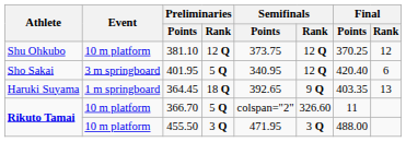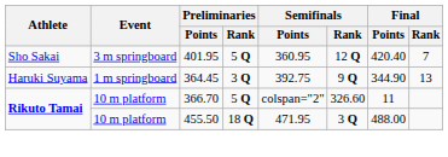 <table class=wikitable style="font-size:90%;">
 <tr>
 <th rowspan="2">Athlete</th>
 <th rowspan="2">Event</th>
 <th colspan="2">Preliminaries</th>
 <th colspan="2">Semifinals</th>
 <th colspan="2">Final</th>
 </tr>
 <tr style="font-size:95%">
 <th>Points</th>
 <th>Rank</th>
 <th>Points</th>
 <th>Rank</th>
 <th>Points</th>
 <th>Rank</th>
 </tr>
 <tr align=center>
-<td align=left><a href='#'>Shu Ohkubo</a></td>
-<td align=left><a href='#'>10 m platform</a></td>
-<td>381.10</td>
-<td>12 <strong>Q</strong></td>
-<td>373.75</td>
-<td>12 <strong>Q</strong></td>
-<td>370.25</td>
-<td>12</td>
-</tr>
-<tr align=center>
 <td align=left><a href='#'>Sho Sakai</a></td>
 <td align=left><a href='#'>3 m springboard</a></td>
 <td>401.95</td>
 <td>5 <strong>Q</strong></td>
-<td>340.95</td>
+<td>360.95</td>
 <td>12 <strong>Q</strong></td>
 <td>420.40</td>
-<td>6</td>
+<td>7</td>
 </tr>
 <tr align=center>
 <td align=left><a href='#'>Haruki Suyama</a></td>
 <td align=left><a href='#'>1 m springboard</a></td>
 <td>364.45</td>
-<td>18 <strong>Q</strong></td>
-<td>392.65</td>
+<td>3 <strong>Q</strong></td>
+<td>392.75</td>
 <td>9 <strong>Q</strong></td>
-<td>403.35</td>
+<td>344.90</td>
 <td>13</td>
 </tr>
 <tr align=center>
 <td align=left rowspan="2"><strong><a href='#'>Rikuto Tamai</a></strong></td>
 <td align=left><a href='#'>10 m platform</a></td>
 <td>366.70</td>
 <td>5 <strong>Q</strong></td>
 <td>colspan="2" </td>
 <td>326.60</td>
 <td>11</td>
 </tr>
 <tr align=center>
 <td align=left><a href='#'>10 m platform</a></td>
 <td>455.50</td>
-<td>3 <strong>Q</strong></td>
+<td>18 <strong>Q</strong></td>
 <td>471.95</td>
 <td>3 <strong>Q</strong></td>
 <td>488.00</td>
 <td></td>
 </tr>
 </table>
